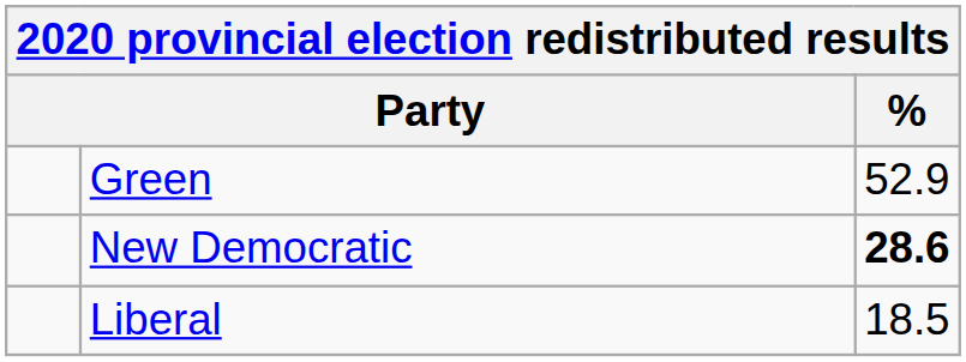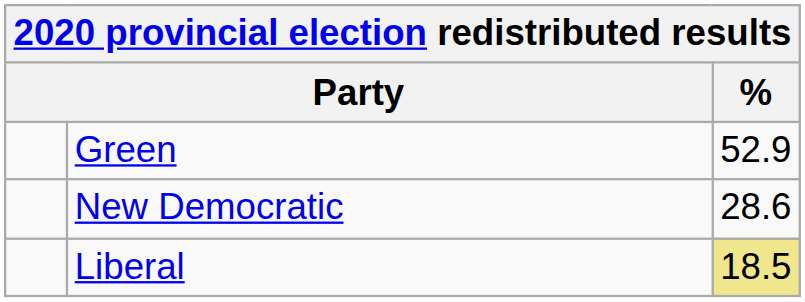 <table class="wikitable">
 <tr>
 <th colspan="4"><a href='#'>2020 provincial election</a> redistributed results</th>
 </tr>
 <tr>
 <th bgcolor="#DDDDFF" width="130px" colspan="2">Party</th>
 <th bgcolor="#DDDDFF" width="30px">%</th>
 </tr>
 <tr>
 <td> </td>
 <td><a href='#'>Green</a></td>
 <td align=right>52.9</td>
 </tr>
 <tr>
 <td> </td>
 <td><a href='#'>New Democratic</a></td>
-<td align=right><strong>28.6</strong></td>
+<td align=right>28.6</td>
 </tr>
 <tr>
 <td> </td>
 <td><a href='#'>Liberal</a></td>
-<td align=right>18.5</td>
+<td align=right style="background: khaki;">18.5</td>
 </tr>
 </table>
